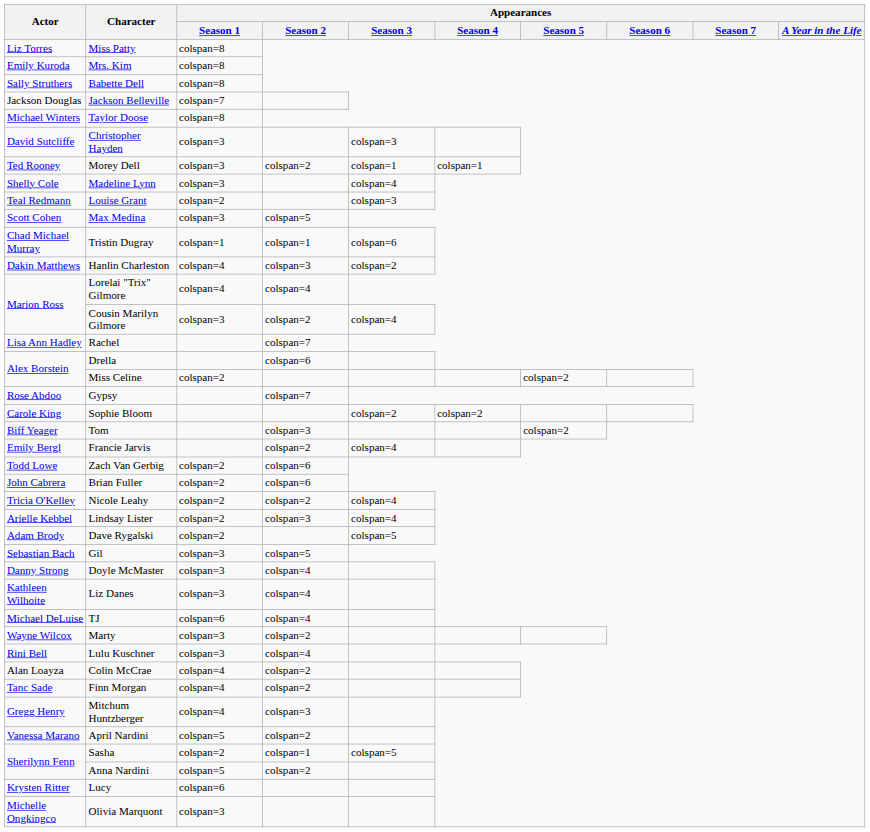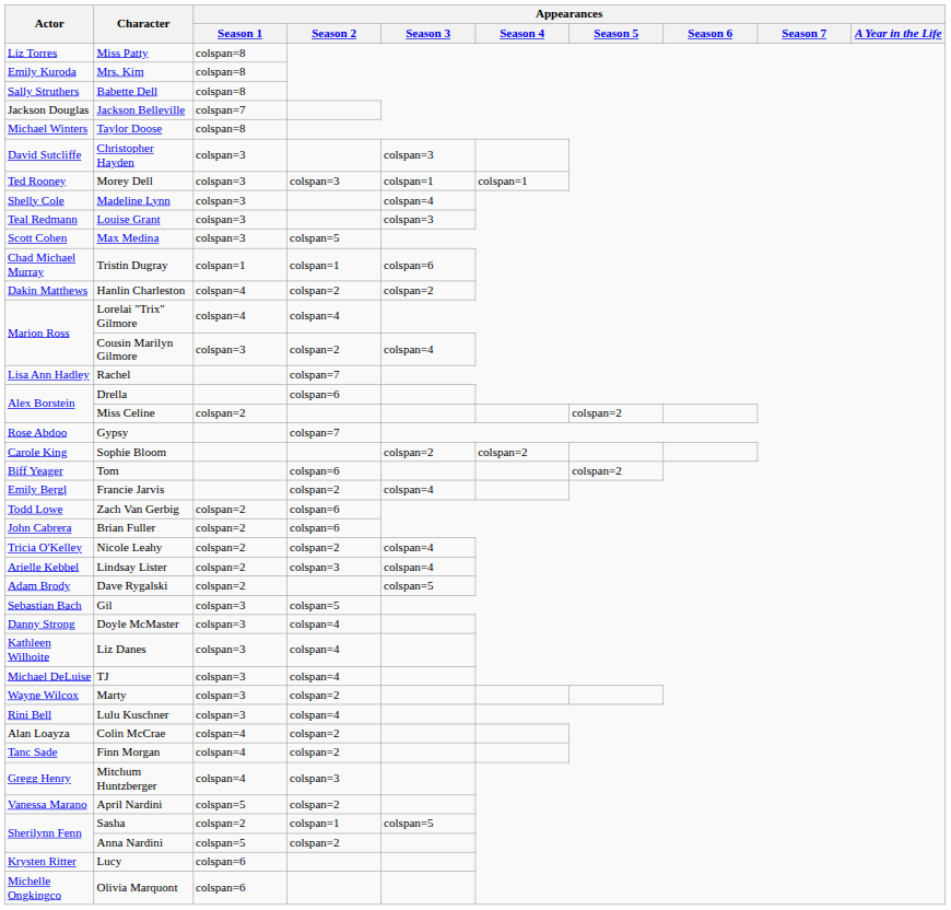 <table class="wikitable">
 <tr>
 <th rowspan="2" scope="col">Actor</th>
 <th rowspan="2" scope="col">Character</th>
 <th colspan="8" scope="col">Appearances</th>
 </tr>
 <tr>
 <th scope="col" style="width:10%;"><a href='#'>Season 1</a></th>
 <th scope="col" style="width:10%;"><a href='#'>Season 2</a></th>
 <th scope="col" style="width:10%;"><a href='#'>Season 3</a></th>
 <th scope="col" style="width:10%;"><a href='#'>Season 4</a></th>
 <th scope="col" style="width:10%;"><a href='#'>Season 5</a></th>
 <th scope="col" style="width:10%;"><a href='#'>Season 6</a></th>
 <th scope="col" style="width:10%;"><a href='#'>Season 7</a></th>
 <th scope="col" style="width:10%;"><em><a href='#'>A Year in the Life</a></em></th>
 </tr>
 <tr>
 <td><a href='#'>Liz Torres</a></td>
 <td><a href='#'>Miss Patty</a></td>
 <td>colspan=8 </td>
 </tr>
 <tr>
 <td><a href='#'>Emily Kuroda</a></td>
 <td><a href='#'>Mrs. Kim</a></td>
 <td>colspan=8 </td>
 </tr>
 <tr>
 <td><a href='#'>Sally Struthers</a></td>
 <td><a href='#'>Babette Dell</a></td>
 <td>colspan=8 </td>
 </tr>
 <tr>
 <td>Jackson Douglas</td>
 <td><a href='#'>Jackson Belleville</a></td>
 <td>colspan=7 </td>
 <td></td>
 </tr>
 <tr>
 <td><a href='#'>Michael Winters</a></td>
 <td><a href='#'>Taylor Doose</a></td>
 <td>colspan=8 </td>
 </tr>
 <tr>
 <td><a href='#'>David Sutcliffe</a></td>
 <td><a href='#'>Christopher Hayden</a></td>
 <td>colspan=3 </td>
 <td></td>
 <td>colspan=3 </td>
 <td></td>
 </tr>
 <tr>
 <td><a href='#'>Ted Rooney</a></td>
 <td>Morey Dell</td>
 <td>colspan=3 </td>
-<td>colspan=2 </td>
+<td>colspan=3 </td>
 <td>colspan=1 </td>
 <td>colspan=1 </td>
 </tr>
 <tr>
 <td><a href='#'>Shelly Cole</a></td>
 <td><a href='#'>Madeline Lynn</a></td>
 <td>colspan=3 </td>
 <td></td>
 <td>colspan=4 </td>
 </tr>
 <tr>
 <td><a href='#'>Teal Redmann</a></td>
 <td><a href='#'>Louise Grant</a></td>
-<td>colspan=2 </td>
+<td>colspan=3 </td>
 <td></td>
 <td>colspan=3 </td>
 </tr>
 <tr>
 <td><a href='#'>Scott Cohen</a></td>
 <td><a href='#'>Max Medina</a></td>
 <td>colspan=3 </td>
 <td>colspan=5 </td>
 </tr>
 <tr>
 <td><a href='#'>Chad Michael Murray</a></td>
 <td>Tristin Dugray</td>
 <td>colspan=1 </td>
 <td>colspan=1 </td>
 <td>colspan=6 </td>
 </tr>
 <tr>
 <td><a href='#'>Dakin Matthews</a></td>
 <td>Hanlin Charleston</td>
 <td>colspan=4 </td>
-<td>colspan=3 </td>
+<td>colspan=2 </td>
 <td>colspan=2 </td>
 </tr>
 <tr>
 <td rowspan=2><a href='#'>Marion Ross</a></td>
 <td>Lorelai "Trix" Gilmore</td>
 <td>colspan=4 </td>
 <td>colspan=4 </td>
 </tr>
 <tr>
 <td>Cousin Marilyn Gilmore</td>
 <td>colspan=3 </td>
 <td>colspan=2 </td>
 <td>colspan=4 </td>
 </tr>
 <tr>
 <td><a href='#'>Lisa Ann Hadley</a></td>
 <td>Rachel</td>
 <td></td>
 <td>colspan=7 </td>
 </tr>
 <tr>
 <td rowspan=2><a href='#'>Alex Borstein</a></td>
 <td>Drella</td>
 <td></td>
 <td>colspan=6 </td>
 <td></td>
 </tr>
 <tr>
 <td>Miss Celine</td>
 <td>colspan=2 </td>
 <td></td>
 <td></td>
 <td></td>
 <td>colspan=2 </td>
 <td></td>
 </tr>
 <tr>
 <td><a href='#'>Rose Abdoo</a></td>
 <td>Gypsy</td>
 <td></td>
 <td>colspan=7 </td>
 </tr>
 <tr>
 <td><a href='#'>Carole King</a></td>
 <td>Sophie Bloom</td>
 <td></td>
 <td></td>
 <td>colspan=2 </td>
 <td>colspan=2 </td>
 <td></td>
 <td></td>
 </tr>
 <tr>
 <td><a href='#'>Biff Yeager</a></td>
 <td>Tom</td>
 <td></td>
-<td>colspan=3 </td>
+<td>colspan=6 </td>
 <td></td>
 <td></td>
 <td>colspan=2 </td>
 </tr>
 <tr>
 <td><a href='#'>Emily Bergl</a></td>
 <td>Francie Jarvis</td>
 <td></td>
 <td>colspan=2 </td>
 <td>colspan=4 </td>
 <td></td>
 </tr>
 <tr>
 <td><a href='#'>Todd Lowe</a></td>
 <td>Zach Van Gerbig</td>
 <td>colspan=2 </td>
 <td>colspan=6 </td>
 </tr>
 <tr>
 <td><a href='#'>John Cabrera</a></td>
 <td>Brian Fuller</td>
 <td>colspan=2 </td>
 <td>colspan=6 </td>
 </tr>
 <tr>
 <td><a href='#'>Tricia O'Kelley</a></td>
 <td>Nicole Leahy</td>
 <td>colspan=2 </td>
 <td>colspan=2 </td>
 <td>colspan=4 </td>
 </tr>
 <tr>
 <td><a href='#'>Arielle Kebbel</a></td>
 <td>Lindsay Lister</td>
 <td>colspan=2 </td>
 <td>colspan=3 </td>
 <td>colspan=4 </td>
 </tr>
 <tr>
 <td><a href='#'>Adam Brody</a></td>
 <td>Dave Rygalski</td>
 <td>colspan=2 </td>
 <td></td>
 <td>colspan=5 </td>
 </tr>
 <tr>
 <td><a href='#'>Sebastian Bach</a></td>
 <td>Gil</td>
 <td>colspan=3 </td>
 <td>colspan=5 </td>
 </tr>
 <tr>
 <td><a href='#'>Danny Strong</a></td>
 <td>Doyle McMaster</td>
 <td>colspan=3 </td>
 <td>colspan=4 </td>
 <td></td>
 </tr>
 <tr>
 <td><a href='#'>Kathleen Wilhoite</a></td>
 <td>Liz Danes</td>
 <td>colspan=3 </td>
 <td>colspan=4 </td>
 <td></td>
 </tr>
 <tr>
 <td><a href='#'>Michael DeLuise</a></td>
 <td>TJ</td>
-<td>colspan=6 </td>
+<td>colspan=3 </td>
 <td>colspan=4 </td>
 <td></td>
 </tr>
 <tr>
 <td><a href='#'>Wayne Wilcox</a></td>
 <td>Marty</td>
 <td>colspan=3 </td>
 <td>colspan=2 </td>
 <td></td>
 <td></td>
 <td></td>
 </tr>
 <tr>
 <td><a href='#'>Rini Bell</a></td>
 <td>Lulu Kuschner</td>
 <td>colspan=3 </td>
 <td>colspan=4 </td>
 <td></td>
 </tr>
 <tr>
 <td>Alan Loayza</td>
 <td>Colin McCrae</td>
 <td>colspan=4 </td>
 <td>colspan=2 </td>
 <td></td>
 <td></td>
 </tr>
 <tr>
 <td><a href='#'>Tanc Sade</a></td>
 <td>Finn Morgan</td>
 <td>colspan=4 </td>
 <td>colspan=2 </td>
 <td></td>
 <td></td>
 </tr>
 <tr>
 <td><a href='#'>Gregg Henry</a></td>
 <td>Mitchum Huntzberger</td>
 <td>colspan=4 </td>
 <td>colspan=3 </td>
 <td></td>
 </tr>
 <tr>
 <td><a href='#'>Vanessa Marano</a></td>
 <td>April Nardini</td>
 <td>colspan=5 </td>
 <td>colspan=2 </td>
 <td></td>
 </tr>
 <tr>
 <td rowspan=2><a href='#'>Sherilynn Fenn</a></td>
 <td>Sasha</td>
 <td>colspan=2 </td>
 <td>colspan=1 </td>
 <td>colspan=5 </td>
 </tr>
 <tr>
 <td>Anna Nardini</td>
 <td>colspan=5 </td>
 <td>colspan=2 </td>
 <td></td>
 </tr>
 <tr>
 <td><a href='#'>Krysten Ritter</a></td>
 <td>Lucy</td>
 <td>colspan=6 </td>
 <td></td>
 <td></td>
 </tr>
 <tr>
 <td><a href='#'>Michelle Ongkingco</a></td>
 <td>Olivia Marquont</td>
-<td>colspan=3 </td>
+<td>colspan=6 </td>
 <td></td>
 <td></td>
 </tr>
 </table>
